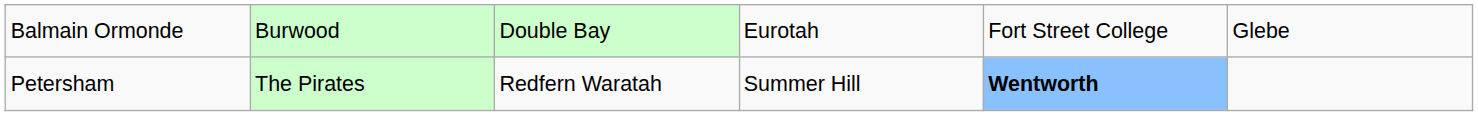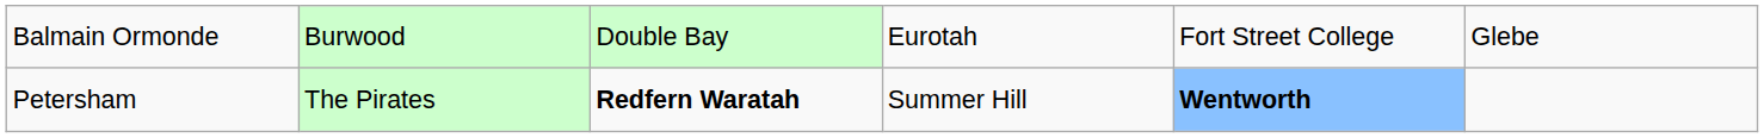 <table class="wikitable" style="margin:auto; text-valign:center; text-align:left;">
 <tr style="line-height:200%">
 <td width="175">Balmain Ormonde</td>
 <td width="175", style="background: #ccffcc;"> Burwood</td>
 <td width="175", style="background: #ccffcc;">Double Bay</td>
 <td width="175">Eurotah</td>
 <td width="175">Fort Street College</td>
 <td width="175">Glebe</td>
 </tr>
 <tr style="line-height:200%">
 <td> Petersham</td>
 <td style="background: #ccffcc;"> The Pirates</td>
-<td>Redfern Waratah</td>
+<td><strong>Redfern Waratah</strong></td>
 <td>Summer Hill</td>
 <td style="background: #89c1ff;"><strong>Wentworth</strong></td>
 <td></td>
 </tr>
 </table>
